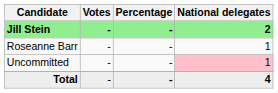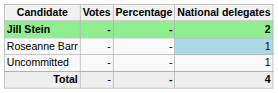 <table class="wikitable" style="text-align:right;">
 <tr>
 <th>Candidate</th>
 <th>Votes</th>
 <th>Percentage</th>
 <th>National delegates</th>
 </tr>
 <tr style="background:lightgreen;">
 <td style="text-align:left;"><strong>Jill Stein</strong></td>
 <td><strong>-</strong></td>
 <td><strong>-</strong></td>
 <td><strong>2</strong></td>
 </tr>
 <tr>
 <td style="text-align:left;">Roseanne Barr</td>
 <td>-</td>
 <td>-</td>
-<td>1</td>
+<td style="background: lightblue;">1</td>
 </tr>
 <tr>
 <td style="text-align:left;">Uncommitted</td>
 <td>-</td>
 <td>-</td>
-<td style="background: pink;">1</td>
+<td>1</td>
 </tr>
 <tr>
 </tr>
 <tr style="background:#eee;">
 <td style="margin-right:0.50px"><strong>Total</strong></td>
 <td style="margin-right:0.50px"><em>-</em></td>
 <td style="margin-right:0.50px"><strong>-</strong></td>
 <td style="margin-right:0.50px"><strong>4</strong></td>
 </tr>
 </table>
